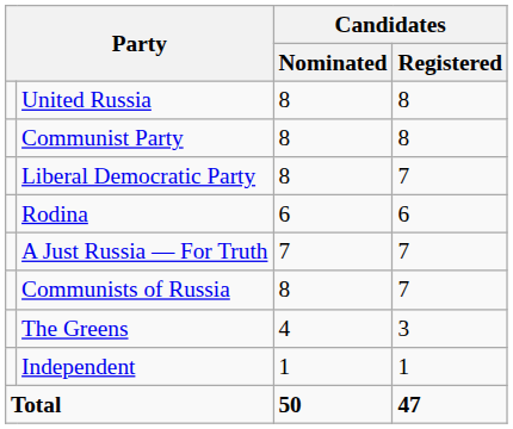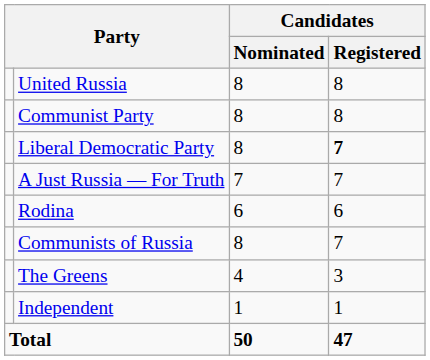 <table class="wikitable sortable" style="background: #f9f9f9; text-align:left; font-size: 95%">
 <tr>
 <th align=center rowspan=2 colspan=2>Party</th>
 <th align=center colspan=2>Candidates</th>
 </tr>
 <tr>
 <th align=center>Nominated</th>
 <th align=center>Registered</th>
 </tr>
 <tr>
 <td></td>
 <td><a href='#'>United Russia</a></td>
 <td>8</td>
 <td>8</td>
 </tr>
 <tr>
 <td></td>
 <td><a href='#'>Communist Party</a></td>
 <td>8</td>
 <td>8</td>
 </tr>
 <tr>
 <td></td>
 <td><a href='#'>Liberal Democratic Party</a></td>
 <td>8</td>
+<td><strong>7</strong></td>
+</tr>
+<tr>
+<td></td>
+<td><a href='#'>A Just Russia — For Truth</a></td>
+<td>7</td>
 <td>7</td>
 </tr>
 <tr>
 <td></td>
 <td><a href='#'>Rodina</a></td>
 <td>6</td>
 <td>6</td>
-</tr>
-<tr>
-<td></td>
-<td><a href='#'>A Just Russia — For Truth</a></td>
-<td>7</td>
-<td>7</td>
 </tr>
 <tr>
 <td></td>
 <td><a href='#'>Communists of Russia</a></td>
 <td>8</td>
 <td>7</td>
 </tr>
 <tr>
 <td></td>
 <td><a href='#'>The Greens</a></td>
 <td>4</td>
 <td>3</td>
 </tr>
 <tr>
 <td></td>
 <td><a href='#'>Independent</a></td>
 <td>1</td>
 <td>1</td>
 </tr>
 <tr>
 <td colspan=2><strong>Total</strong></td>
 <td><strong>50</strong></td>
 <td><strong>47</strong></td>
 </tr>
 </table>
